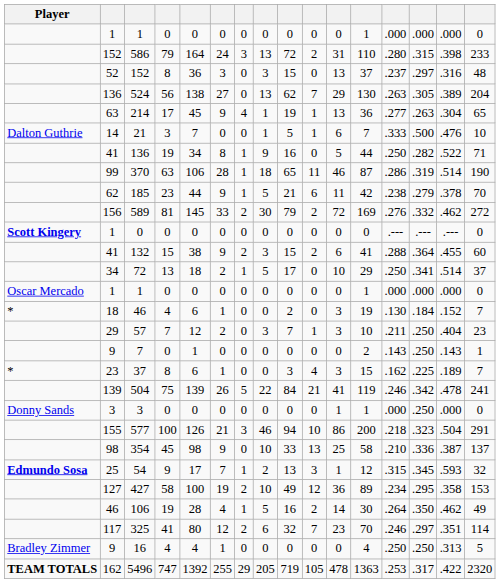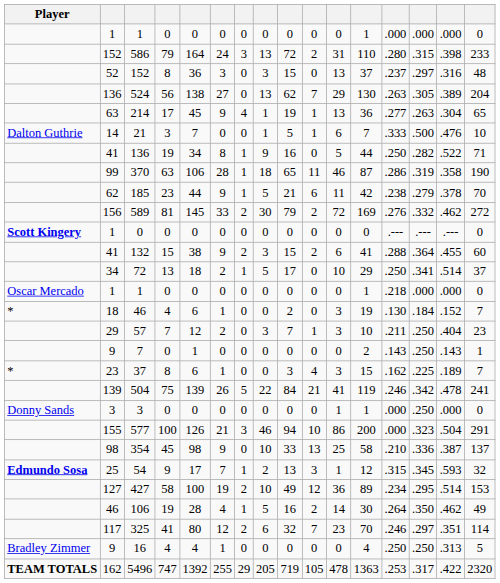 <table class="wikitable sortable" style="text-align:center;">
 <tr>
 <th>Player</th>
 <th></th>
 <th></th>
 <th></th>
 <th></th>
 <th></th>
 <th></th>
 <th></th>
 <th></th>
 <th></th>
 <th></th>
 <th></th>
 <th></th>
 <th></th>
 <th></th>
 <th></th>
 </tr>
 <tr>
 <td align=left><strong></strong></td>
 <td>1</td>
 <td>1</td>
 <td>0</td>
 <td>0</td>
 <td>0</td>
 <td>0</td>
 <td>0</td>
 <td>0</td>
 <td>0</td>
 <td>0</td>
 <td>1</td>
 <td>.000</td>
 <td>.000</td>
 <td>.000</td>
 <td>0</td>
 </tr>
 <tr>
 <td align=left><strong></strong></td>
 <td>152</td>
 <td>586</td>
 <td>79</td>
 <td>164</td>
 <td>24</td>
 <td>3</td>
 <td>13</td>
 <td>72</td>
 <td>2</td>
 <td>31</td>
 <td>110</td>
 <td>.280</td>
 <td>.315</td>
 <td>.398</td>
 <td>233</td>
 </tr>
 <tr>
 <td align=left></td>
 <td>52</td>
 <td>152</td>
 <td>8</td>
 <td>36</td>
 <td>3</td>
 <td>0</td>
 <td>3</td>
 <td>15</td>
 <td>0</td>
 <td>13</td>
 <td>37</td>
 <td>.237</td>
 <td>.297</td>
 <td>.316</td>
 <td>48</td>
 </tr>
 <tr>
 <td align=left><strong></strong></td>
 <td>136</td>
 <td>524</td>
 <td>56</td>
 <td>138</td>
 <td>27</td>
 <td>0</td>
 <td>13</td>
 <td>62</td>
 <td>7</td>
 <td>29</td>
 <td>130</td>
 <td>.263</td>
 <td>.305</td>
 <td>.389</td>
 <td>204</td>
 </tr>
 <tr>
 <td align=left></td>
 <td>63</td>
 <td>214</td>
 <td>17</td>
 <td>45</td>
 <td>9</td>
 <td>4</td>
 <td>1</td>
 <td>19</td>
 <td>1</td>
 <td>13</td>
 <td>36</td>
 <td>.277</td>
 <td>.263</td>
 <td>.304</td>
 <td>65</td>
 </tr>
 <tr>
 <td align=left><a href='#'>Dalton Guthrie</a></td>
 <td>14</td>
 <td>21</td>
 <td>3</td>
 <td>7</td>
 <td>0</td>
 <td>0</td>
 <td>1</td>
 <td>5</td>
 <td>1</td>
 <td>6</td>
 <td>7</td>
 <td>.333</td>
 <td>.500</td>
 <td>.476</td>
 <td>10</td>
 </tr>
 <tr>
 <td align=left><strong></strong></td>
 <td>41</td>
 <td>136</td>
 <td>19</td>
 <td>34</td>
 <td>8</td>
 <td>1</td>
 <td>9</td>
 <td>16</td>
 <td>0</td>
 <td>5</td>
 <td>44</td>
 <td>.250</td>
 <td>.282</td>
 <td>.522</td>
 <td>71</td>
 </tr>
 <tr>
 <td align=left><strong></strong></td>
 <td>99</td>
 <td>370</td>
 <td>63</td>
 <td>106</td>
 <td>28</td>
 <td>1</td>
 <td>18</td>
 <td>65</td>
 <td>11</td>
 <td>46</td>
 <td>87</td>
 <td>.286</td>
 <td>.319</td>
-<td>.514</td>
+<td>.358</td>
 <td>190</td>
 </tr>
 <tr>
 <td align=left></td>
 <td>62</td>
 <td>185</td>
 <td>23</td>
 <td>44</td>
 <td>9</td>
 <td>1</td>
 <td>5</td>
 <td>21</td>
 <td>6</td>
 <td>11</td>
 <td>42</td>
 <td>.238</td>
 <td>.279</td>
 <td>.378</td>
 <td>70</td>
 </tr>
 <tr>
 <td align=left></td>
 <td>156</td>
 <td>589</td>
 <td>81</td>
 <td>145</td>
 <td>33</td>
 <td>2</td>
 <td>30</td>
 <td>79</td>
 <td>2</td>
 <td>72</td>
 <td>169</td>
 <td>.276</td>
 <td>.332</td>
 <td>.462</td>
 <td>272</td>
 </tr>
 <tr>
 <td align=left><strong><a href='#'>Scott Kingery</a></strong></td>
 <td>1</td>
 <td>0</td>
 <td>0</td>
 <td>0</td>
 <td>0</td>
 <td>0</td>
 <td>0</td>
 <td>0</td>
 <td>0</td>
 <td>0</td>
 <td>0</td>
 <td>.---</td>
 <td>.---</td>
 <td>.---</td>
 <td>0</td>
 </tr>
 <tr>
 <td align=left><strong></strong></td>
 <td>41</td>
 <td>132</td>
 <td>15</td>
 <td>38</td>
 <td>9</td>
 <td>2</td>
 <td>3</td>
 <td>15</td>
 <td>2</td>
 <td>6</td>
 <td>41</td>
 <td>.288</td>
 <td>.364</td>
 <td>.455</td>
 <td>60</td>
 </tr>
 <tr>
 <td align=left></td>
 <td>34</td>
 <td>72</td>
 <td>13</td>
 <td>18</td>
 <td>2</td>
 <td>1</td>
 <td>5</td>
 <td>17</td>
 <td>0</td>
 <td>10</td>
 <td>29</td>
 <td>.250</td>
 <td>.341</td>
 <td>.514</td>
 <td>37</td>
 </tr>
 <tr>
 <td align=left><a href='#'>Oscar Mercado</a></td>
 <td>1</td>
 <td>1</td>
 <td>0</td>
 <td>0</td>
 <td>0</td>
 <td>0</td>
 <td>0</td>
 <td>0</td>
 <td>0</td>
 <td>0</td>
 <td>1</td>
-<td>.000</td>
+<td>.218</td>
 <td>.000</td>
 <td>.000</td>
 <td>0</td>
 </tr>
 <tr>
 <td align=left> *</td>
 <td>18</td>
 <td>46</td>
 <td>4</td>
 <td>6</td>
 <td>1</td>
 <td>0</td>
 <td>0</td>
 <td>2</td>
 <td>0</td>
 <td>3</td>
 <td>19</td>
 <td>.130</td>
 <td>.184</td>
 <td>.152</td>
 <td>7</td>
 </tr>
 <tr>
 <td align=left></td>
 <td>29</td>
 <td>57</td>
 <td>7</td>
 <td>12</td>
 <td>2</td>
 <td>0</td>
 <td>3</td>
 <td>7</td>
 <td>1</td>
 <td>3</td>
 <td>10</td>
 <td>.211</td>
 <td>.250</td>
 <td>.404</td>
 <td>23</td>
 </tr>
 <tr>
 <td align=left><strong></strong></td>
 <td>9</td>
 <td>7</td>
 <td>0</td>
 <td>1</td>
 <td>0</td>
 <td>0</td>
 <td>0</td>
 <td>0</td>
 <td>0</td>
 <td>0</td>
 <td>2</td>
 <td>.143</td>
 <td>.250</td>
 <td>.143</td>
 <td>1</td>
 </tr>
 <tr>
 <td align=left> *</td>
 <td>23</td>
 <td>37</td>
 <td>8</td>
 <td>6</td>
 <td>1</td>
 <td>0</td>
 <td>0</td>
 <td>3</td>
 <td>4</td>
 <td>3</td>
 <td>15</td>
 <td>.162</td>
 <td>.225</td>
 <td>.189</td>
 <td>7</td>
 </tr>
 <tr>
 <td align=left><strong></strong></td>
 <td>139</td>
 <td>504</td>
 <td>75</td>
 <td>139</td>
 <td>26</td>
 <td>5</td>
 <td>22</td>
 <td>84</td>
 <td>21</td>
 <td>41</td>
 <td>119</td>
 <td>.246</td>
 <td>.342</td>
 <td>.478</td>
 <td>241</td>
 </tr>
 <tr>
 <td align=left><a href='#'>Donny Sands</a></td>
 <td>3</td>
 <td>3</td>
 <td>0</td>
 <td>0</td>
 <td>0</td>
 <td>0</td>
 <td>0</td>
 <td>0</td>
 <td>0</td>
 <td>1</td>
 <td>1</td>
 <td>.000</td>
 <td>.250</td>
 <td>.000</td>
 <td>0</td>
 </tr>
 <tr>
 <td align=left><strong></strong></td>
 <td>155</td>
 <td>577</td>
 <td>100</td>
 <td>126</td>
 <td>21</td>
 <td>3</td>
 <td>46</td>
 <td>94</td>
 <td>10</td>
 <td>86</td>
 <td>200</td>
-<td>.218</td>
+<td>.000</td>
 <td>.323</td>
 <td>.504</td>
 <td>291</td>
 </tr>
 <tr>
 <td align=left></td>
 <td>98</td>
 <td>354</td>
 <td>45</td>
 <td>98</td>
 <td>9</td>
 <td>0</td>
 <td>10</td>
 <td>33</td>
 <td>13</td>
 <td>25</td>
 <td>58</td>
 <td>.210</td>
 <td>.336</td>
 <td>.387</td>
 <td>137</td>
 </tr>
 <tr>
 <td align=left><strong><a href='#'>Edmundo Sosa</a></strong></td>
 <td>25</td>
 <td>54</td>
 <td>9</td>
 <td>17</td>
 <td>7</td>
 <td>1</td>
 <td>2</td>
 <td>13</td>
 <td>3</td>
 <td>1</td>
 <td>12</td>
 <td>.315</td>
 <td>.345</td>
 <td>.593</td>
 <td>32</td>
 </tr>
 <tr>
 <td align=left><strong></strong></td>
 <td>127</td>
 <td>427</td>
 <td>58</td>
 <td>100</td>
 <td>19</td>
 <td>2</td>
 <td>10</td>
 <td>49</td>
 <td>12</td>
 <td>36</td>
 <td>89</td>
 <td>.234</td>
 <td>.295</td>
-<td>.358</td>
+<td>.514</td>
 <td>153</td>
 </tr>
 <tr>
 <td align=left><strong></strong></td>
 <td>46</td>
 <td>106</td>
 <td>19</td>
 <td>28</td>
 <td>4</td>
 <td>1</td>
 <td>5</td>
 <td>16</td>
 <td>2</td>
 <td>14</td>
 <td>30</td>
 <td>.264</td>
 <td>.350</td>
 <td>.462</td>
 <td>49</td>
 </tr>
 <tr>
 <td align=left></td>
 <td>117</td>
 <td>325</td>
 <td>41</td>
 <td>80</td>
 <td>12</td>
 <td>2</td>
 <td>6</td>
 <td>32</td>
 <td>7</td>
 <td>23</td>
 <td>70</td>
 <td>.246</td>
 <td>.297</td>
 <td>.351</td>
 <td>114</td>
 </tr>
 <tr>
 <td align=left><a href='#'>Bradley Zimmer</a></td>
 <td>9</td>
 <td>16</td>
 <td>4</td>
 <td>4</td>
 <td>1</td>
 <td>0</td>
 <td>0</td>
 <td>0</td>
 <td>0</td>
 <td>0</td>
 <td>4</td>
 <td>.250</td>
 <td>.250</td>
 <td>.313</td>
 <td>5</td>
 </tr>
 <tr class="sortbottom">
 <td align="left"><strong>TEAM TOTALS</strong></td>
 <td>162</td>
 <td>5496</td>
 <td>747</td>
 <td>1392</td>
 <td>255</td>
 <td>29</td>
 <td>205</td>
 <td>719</td>
 <td>105</td>
 <td>478</td>
 <td>1363</td>
 <td>.253</td>
 <td>.317</td>
 <td>.422</td>
 <td>2320</td>
 </tr>
 </table>
